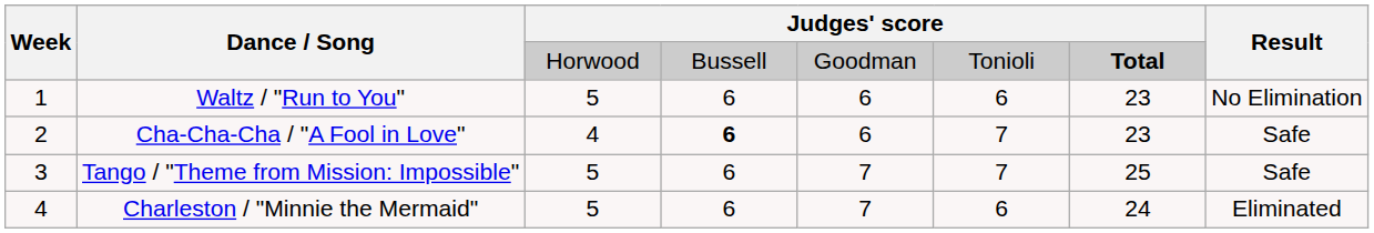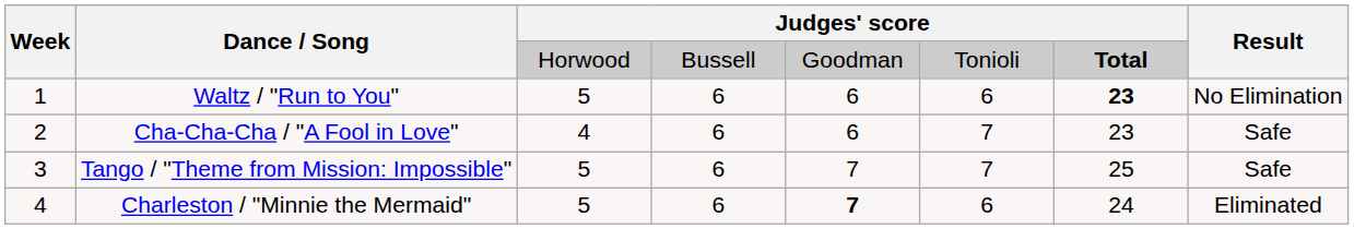 <table class="wikitable collapsible collapsed">
 <tr style="text-align:Center; background:#ccc;">
 <th rowspan="2">Week</th>
 <th rowspan="2">Dance / Song</th>
 <th colspan="5">Judges' score</th>
 <th rowspan="2">Result</th>
 </tr>
 <tr style="text-align:center; background:#ccc;">
 <td style="width:10%; ">Horwood</td>
 <td style="width:10%; ">Bussell</td>
 <td style="width:10%; ">Goodman</td>
 <td style="width:10%; ">Tonioli</td>
 <td style="width:10%; "><strong>Total</strong></td>
 </tr>
 <tr style="text-align: center; background:#faf6f6;">
 <td>1</td>
 <td><a href='#'>Waltz</a> / "<a href='#'>Run to You</a>"</td>
 <td>5</td>
 <td>6</td>
 <td>6</td>
 <td>6</td>
-<td>23</td>
+<td><strong>23</strong></td>
 <td>No Elimination</td>
 </tr>
 <tr style="text-align: center; background:#faf6f6;">
 <td>2</td>
 <td><a href='#'>Cha-Cha-Cha</a> / "<a href='#'>A Fool in Love</a>"</td>
 <td>4</td>
-<td><strong>6</strong></td>
+<td>6</td>
 <td>6</td>
 <td>7</td>
 <td>23</td>
 <td>Safe</td>
 </tr>
 <tr style="text-align: center; background:#faf6f6;">
 <td>3</td>
 <td><a href='#'>Tango</a> / "<a href='#'>Theme from Mission: Impossible</a>"</td>
 <td>5</td>
 <td>6</td>
 <td>7</td>
 <td>7</td>
 <td>25</td>
 <td>Safe</td>
 </tr>
 <tr style="text-align: center; background:#faf6f6;">
 <td>4</td>
 <td><a href='#'>Charleston</a> / "Minnie the Mermaid"</td>
 <td>5</td>
 <td>6</td>
-<td>7</td>
+<td><strong>7</strong></td>
 <td>6</td>
 <td>24</td>
 <td>Eliminated</td>
 </tr>
 </table>
